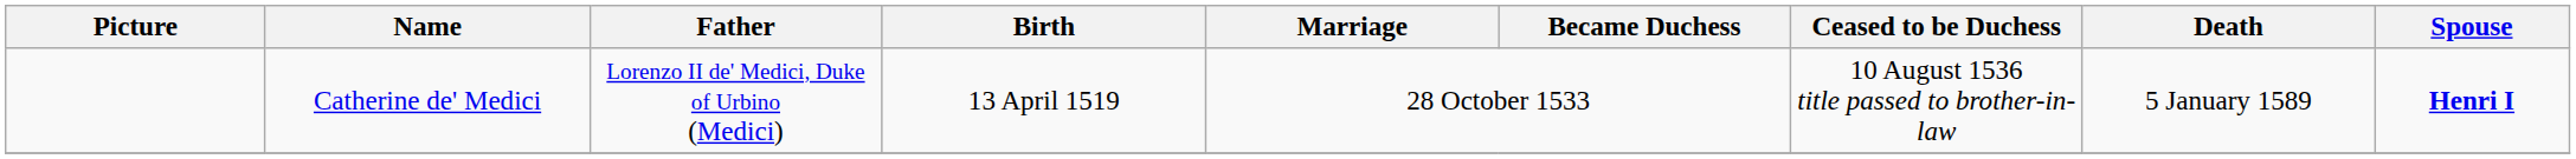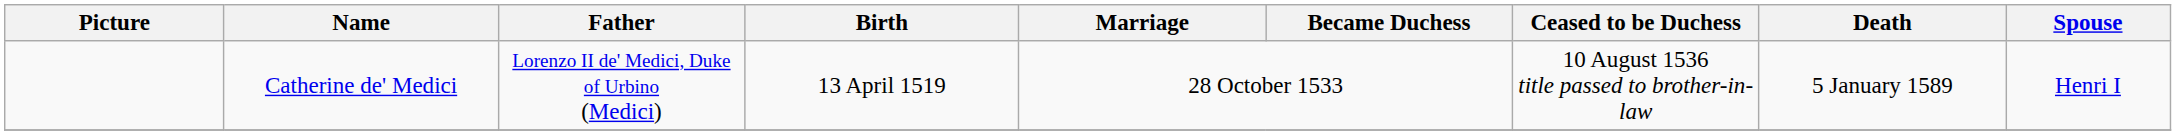 <table width=95% class="wikitable">
 <tr>
 <th width = "8%">Picture</th>
 <th width = "10%">Name</th>
 <th width = "9%">Father</th>
 <th width = "10%">Birth</th>
 <th width = "9%">Marriage</th>
 <th width = "9%">Became Duchess</th>
 <th width = "9%">Ceased to be Duchess</th>
 <th width = "9%">Death</th>
 <th width = "6%"><a href='#'>Spouse</a></th>
 </tr>
 <tr>
 <td align="center"></td>
 <td align="center"><a href='#'>Catherine de' Medici</a></td>
 <td align="center"><small><a href='#'>Lorenzo II de' Medici, Duke of Urbino</a></small> <br> (<a href='#'>Medici</a>)</td>
 <td align=center>13 April 1519</td>
 <td align="center" colspan="2">28 October 1533</td>
 <td align=center>10 August 1536<br><em>title passed to brother-in-law</em></td>
 <td align=center>5 January 1589</td>
-<td align="center"><strong><a href='#'>Henri I</a></strong></td>
+<td align="center"><a href='#'>Henri I</a></td>
 </tr>
 <tr>
 </tr>
 </table>
